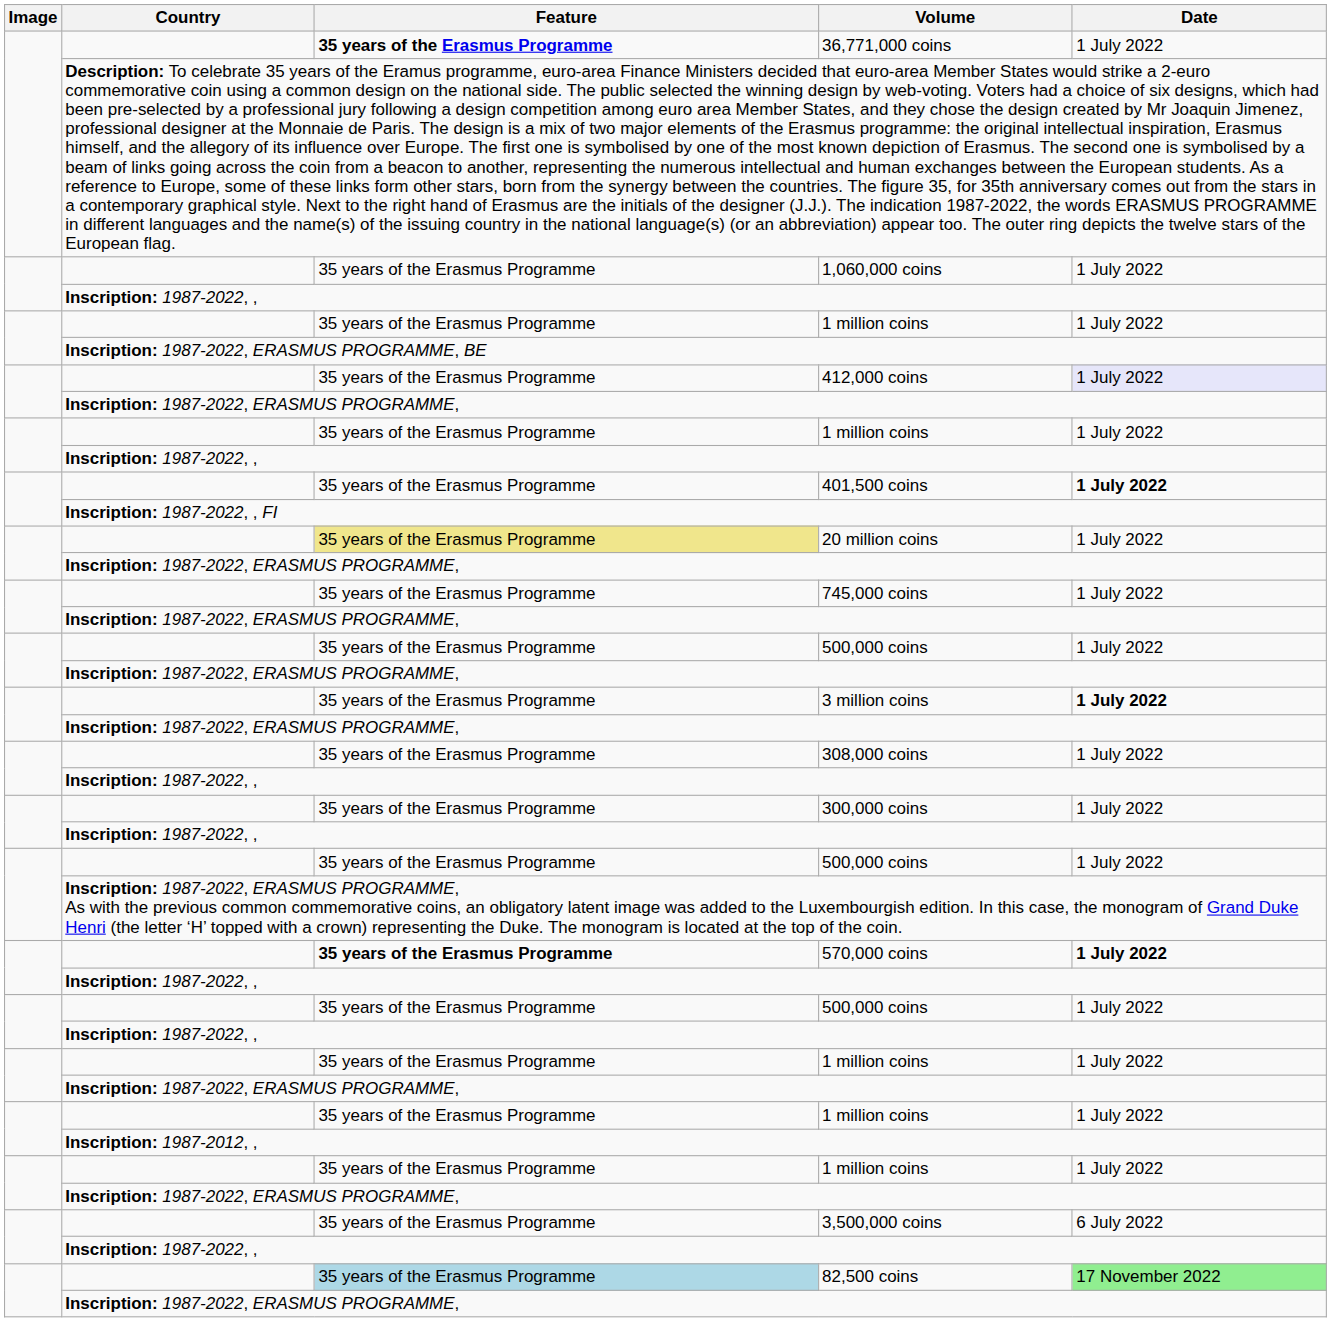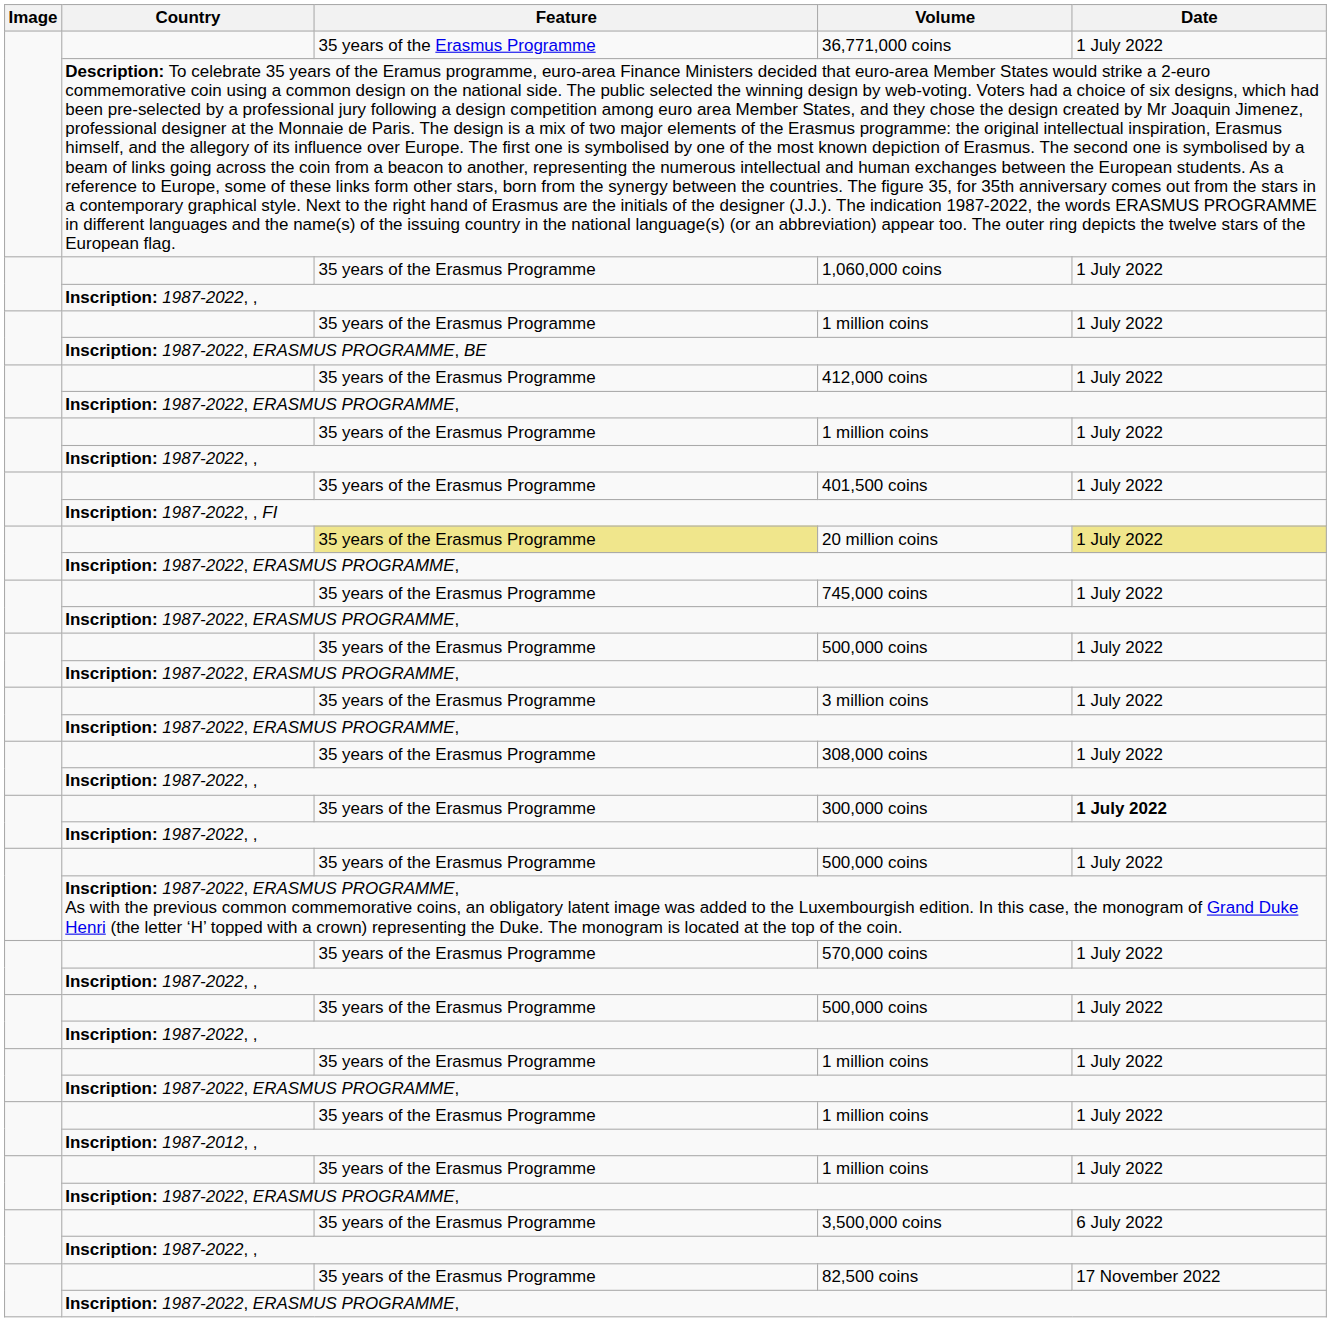 <table class="wikitable">
 <tr>
 <th>Image</th>
 <th>Country</th>
 <th>Feature</th>
 <th>Volume</th>
 <th>Date</th>
 </tr>
 <tr>
 <td style="width:160px;" rowspan="2"></td>
 <td style="width:20%;"></td>
-<td style="width:40%;"><strong>35 years of the <a href='#'>Erasmus Programme</a></strong></td>
+<td style="width:40%;">35 years of the <a href='#'>Erasmus Programme</a></td>
 <td style="width:20%;">36,771,000 coins</td>
 <td style="width:20%;">1 July 2022</td>
 </tr>
 <tr>
 <td colspan="5"><strong>Description:</strong> To celebrate 35 years of the Eramus programme, euro-area Finance Ministers decided that euro-area Member States would strike a 2-euro commemorative coin using a common design on the national side. The public selected the winning design by web-voting. Voters had a choice of six designs, which had been pre-selected by a professional jury following a design competition among euro area Member States, and they chose the design created by Mr Joaquin Jimenez, professional designer at the Monnaie de Paris. The design is a mix of two major elements of the Erasmus programme: the original intellectual inspiration, Erasmus himself, and the allegory of its influence over Europe. The first one is symbolised by one of the most known depiction of Erasmus. The second one is symbolised by a beam of links going across the coin from a beacon to another, representing the numerous intellectual and human exchanges between the European students. As a reference to Europe, some of these links form other stars, born from the synergy between the countries. The figure 35, for 35th anniversary comes out from the stars in a contemporary graphical style. Next to the right hand of Erasmus are the initials of the designer (J.J.). The indication 1987-2022, the words ERASMUS PROGRAMME in different languages and the name(s) of the issuing country in the national language(s) (or an abbreviation) appear too. The outer ring depicts the twelve stars of the European flag.</td>
 </tr>
 <tr>
 <td style="width:160px;" rowspan="2"></td>
 <td style="width:20%;"></td>
 <td style="width:40%;">35 years of the Erasmus Programme</td>
 <td style="width:20%;">1,060,000 coins</td>
 <td style="width:20%;">1 July 2022</td>
 </tr>
 <tr>
 <td colspan="5"><strong>Inscription:</strong> <em>1987-2022</em>, , </td>
 </tr>
 <tr>
 <td style="width:160px;" rowspan="2"></td>
 <td style="width:20%;"></td>
 <td style="width:40%;">35 years of the Erasmus Programme</td>
 <td style="width:20%;">1 million coins</td>
 <td style="width:20%;">1 July 2022</td>
 </tr>
 <tr>
 <td colspan="5"><strong>Inscription:</strong> <em>1987-2022</em>, <em>ERASMUS PROGRAMME</em>, <em>BE</em></td>
 </tr>
 <tr>
 <td style="width:160px;" rowspan="2"></td>
 <td style="width:20%;"></td>
 <td style="width:40%;">35 years of the Erasmus Programme</td>
 <td style="width:20%;">412,000 coins</td>
-<td style="background: lavender; width:20%;">1 July 2022</td>
+<td style="width:20%;">1 July 2022</td>
 </tr>
 <tr>
 <td colspan="5"><strong>Inscription:</strong> <em>1987-2022</em>, <em>ERASMUS PROGRAMME</em>, <em></em> </td>
 </tr>
 <tr>
 <td style="width:160px;" rowspan="2"></td>
 <td style="width:20%;"></td>
 <td style="width:40%;">35 years of the Erasmus Programme</td>
 <td style="width:20%;">1 million coins</td>
 <td style="width:20%;">1 July 2022</td>
 </tr>
 <tr>
 <td colspan="5"><strong>Inscription:</strong> <em>1987-2022</em>, , </td>
 </tr>
 <tr>
 <td style="width:160px;" rowspan="2"></td>
 <td style="width:20%;"></td>
 <td style="width:40%;">35 years of the Erasmus Programme</td>
 <td style="width:20%;">401,500 coins</td>
-<td style="width:20%;"><strong>1 July 2022</strong></td>
+<td style="width:20%;">1 July 2022</td>
 </tr>
 <tr>
 <td colspan="5"><strong>Inscription:</strong> <em>1987-2022</em>,  , <em>FI</em></td>
 </tr>
 <tr>
 <td style="width:160px;" rowspan="2"></td>
 <td style="width:20%;"></td>
 <td style="background: khaki; width:40%;">35 years of the Erasmus Programme</td>
 <td style="width:20%;">20 million coins</td>
-<td style="width:20%;">1 July 2022</td>
+<td style="background: khaki; width:20%;">1 July 2022</td>
 </tr>
 <tr>
 <td colspan="5"><strong>Inscription:</strong> <em>1987-2022</em>, <em>ERASMUS PROGRAMME</em>, </td>
 </tr>
 <tr>
 <td style="width:160px;" rowspan="2"></td>
 <td style="width:20%;"></td>
 <td style="width:40%;">35 years of the Erasmus Programme</td>
 <td style="width:20%;">745,000 coins</td>
 <td style="width:20%;">1 July 2022</td>
 </tr>
 <tr>
 <td colspan="5"><strong>Inscription:</strong> <em>1987-2022</em>, <em>ERASMUS PROGRAMME</em>, </td>
 </tr>
 <tr>
 <td style="width:160px;" rowspan="2"></td>
 <td style="width:20%;"></td>
 <td style="width:40%;">35 years of the Erasmus Programme</td>
 <td style="width:20%;">500,000 coins</td>
 <td style="width:20%;">1 July 2022</td>
 </tr>
 <tr>
 <td colspan="5"><strong>Inscription:</strong> <em>1987-2022</em>, <em>ERASMUS PROGRAMME</em>, </td>
 </tr>
 <tr>
 <td style="width:160px;" rowspan="2"></td>
 <td style="width:20%;"></td>
 <td style="width:40%;">35 years of the Erasmus Programme</td>
 <td style="width:20%;">3 million coins</td>
-<td style="width:20%;"><strong>1 July 2022</strong></td>
+<td style="width:20%;">1 July 2022</td>
 </tr>
 <tr>
 <td colspan="5"><strong>Inscription:</strong> <em>1987-2022</em>, <em>ERASMUS PROGRAMME</em>, </td>
 </tr>
 <tr>
 <td style="width:160px;" rowspan="2"></td>
 <td style="width:20%;"></td>
 <td style="width:40%;">35 years of the Erasmus Programme</td>
 <td style="width:20%;">308,000 coins</td>
 <td style="width:20%;">1 July 2022</td>
 </tr>
 <tr>
 <td colspan="5"><strong>Inscription:</strong> <em>1987-2022</em>, , </td>
 </tr>
 <tr>
 <td style="width:160px;" rowspan="2"></td>
 <td style="width:20%;"></td>
 <td style="width:40%;">35 years of the Erasmus Programme</td>
 <td style="width:20%;">300,000 coins</td>
-<td style="width:20%;">1 July 2022</td>
+<td style="width:20%;"><strong>1 July 2022</strong></td>
 </tr>
 <tr>
 <td colspan="5"><strong>Inscription:</strong> <em>1987-2022</em>, , </td>
 </tr>
 <tr>
 <td style="width:160px;" rowspan="2"></td>
 <td style="width:20%;"></td>
 <td style="width:40%;">35 years of the Erasmus Programme</td>
 <td style="width:20%;">500,000 coins</td>
 <td style="width:20%;">1 July 2022</td>
 </tr>
 <tr>
 <td colspan="5"><strong>Inscription:</strong> <em>1987-2022</em>, <em>ERASMUS PROGRAMME</em>, <br>As with the previous common commemorative coins, an obligatory latent image was added to the Luxembourgish edition. In this case, the monogram of <a href='#'>Grand Duke Henri</a> (the letter ‘H’ topped with a crown) representing the Duke. The monogram is located at the top of the coin.</td>
 </tr>
 <tr>
 <td style="width:160px;" rowspan="2"></td>
 <td style="width:20%;"></td>
-<td style="width:40%;"><strong>35 years of the Erasmus Programme</strong></td>
+<td style="width:40%;">35 years of the Erasmus Programme</td>
 <td style="width:20%;">570,000 coins</td>
-<td style="width:20%;"><strong>1 July 2022</strong></td>
+<td style="width:20%;">1 July 2022</td>
 </tr>
 <tr>
 <td colspan="5"><strong>Inscription:</strong> <em>1987-2022</em>, , </td>
 </tr>
 <tr>
 <td style="width:160px;" rowspan="2"></td>
 <td style="width:20%;"></td>
 <td style="width:40%;">35 years of the Erasmus Programme</td>
 <td style="width:20%;">500,000 coins</td>
 <td style="width:20%;">1 July 2022</td>
 </tr>
 <tr>
 <td colspan="5"><strong>Inscription:</strong> <em>1987-2022</em>, , </td>
 </tr>
 <tr>
 <td style="width:160px;" rowspan="2"></td>
 <td style="width:20%;"></td>
 <td style="width:40%;">35 years of the Erasmus Programme</td>
 <td style="width:20%;">1 million coins</td>
 <td style="width:20%;">1 July 2022</td>
 </tr>
 <tr>
 <td colspan="5"><strong>Inscription:</strong> <em>1987-2022</em>, <em>ERASMUS PROGRAMME</em>, </td>
 </tr>
 <tr>
 <td style="width:160px;" rowspan="2"></td>
 <td style="width:20%;"></td>
 <td style="width:40%;">35 years of the Erasmus Programme</td>
 <td style="width:20%;">1 million coins</td>
 <td style="width:20%;">1 July 2022</td>
 </tr>
 <tr>
 <td colspan="5"><strong>Inscription:</strong> <em>1987-2012</em>, , </td>
 </tr>
 <tr>
 <td style="width:160px;" rowspan="2"></td>
 <td style="width:20%;"></td>
 <td style="width:40%;">35 years of the Erasmus Programme</td>
 <td style="width:20%;">1 million coins</td>
 <td style="width:20%;">1 July 2022</td>
 </tr>
 <tr>
 <td colspan="5"><strong>Inscription:</strong> <em>1987-2022</em>, <em>ERASMUS PROGRAMME</em>, </td>
 </tr>
 <tr>
 <td style="width:160px;" rowspan="2"></td>
 <td style="width:20%;"></td>
 <td style="width:40%;">35 years of the Erasmus Programme</td>
 <td style="width:20%;">3,500,000 coins</td>
 <td style="width:20%;">6 July 2022</td>
 </tr>
 <tr>
 <td colspan="5"><strong>Inscription:</strong> <em>1987-2022</em>, , </td>
 </tr>
 <tr>
 <td style="width:160px;" rowspan="2"></td>
 <td style="width:20%;"></td>
-<td style="background: lightblue; width:40%;">35 years of the Erasmus Programme</td>
+<td style="width:40%;">35 years of the Erasmus Programme</td>
 <td style="width:20%;">82,500 coins</td>
-<td style="background: lightgreen; width:20%;">17 November 2022</td>
+<td style="width:20%;">17 November 2022</td>
 </tr>
 <tr>
 <td colspan="5"><strong>Inscription:</strong> <em>1987-2022</em>, <em>ERASMUS PROGRAMME</em>, </td>
 </tr>
 </table>
